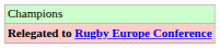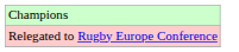 <table class="wikitable">
 <tr width=10px bgcolor="#ccffcc">
 <td>Champions</td>
 </tr>
 <tr width=10px bgcolor="#ffcccc">
-<td><strong>Relegated to <a href='#'>Rugby Europe Conference</a></strong></td>
+<td>Relegated to <a href='#'>Rugby Europe Conference</a></td>
 </tr>
 <tr>
 </tr>
 </table>
